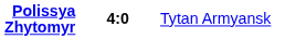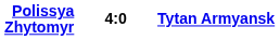 <table width=100% cellspacing=1>
 <tr>
 <th width=20%></th>
 <th width=12%></th>
 <th width=20%></th>
 <th></th>
 </tr>
 <tr style=font-size:90%>
 <td align=right><strong><a href='#'>Polissya Zhytomyr</a></strong></td>
 <td align=center><strong>4:0</strong></td>
-<td><a href='#'>Tytan Armyansk</a></td>
+<td><strong><a href='#'>Tytan Armyansk</a></strong></td>
 <td align=center></td>
 </tr>
 </table>
